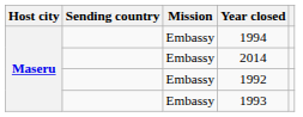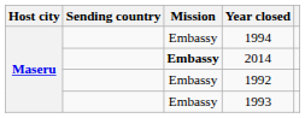 <table class="wikitable plainrowheaders">
 <tr>
 <th scope="col">Host city</th>
 <th scope="col">Sending country</th>
 <th scope="col">Mission</th>
 <th scope="col">Year closed</th>
 <th scope="col"></th>
 </tr>
 <tr>
 <th rowspan="4"><a href='#'>Maseru</a></th>
 <td></td>
 <td style="text-align:center;">Embassy</td>
 <td style="text-align:center;">1994</td>
 <td style="text-align:center;"></td>
 </tr>
 <tr>
 <td></td>
-<td style="text-align:center;">Embassy</td>
+<td style="text-align:center;"><strong>Embassy</strong></td>
 <td style="text-align:center;">2014</td>
 <td style="text-align:center;"></td>
 </tr>
 <tr>
 <td></td>
 <td style="text-align:center;">Embassy</td>
 <td style="text-align:center;">1992</td>
 <td style="text-align:center;"></td>
 </tr>
 <tr>
 <td></td>
 <td style="text-align:center;">Embassy</td>
 <td style="text-align:center;">1993</td>
 <td style="text-align:center;"></td>
 </tr>
 </table>
